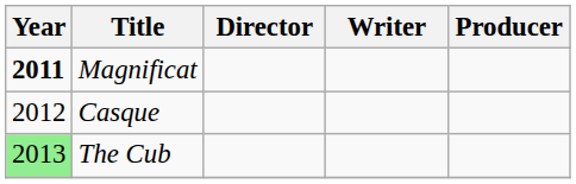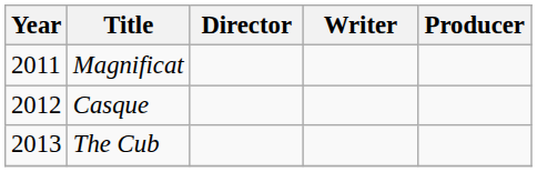 <table class="wikitable">
 <tr>
 <th>Year</th>
 <th>Title</th>
 <th width=65>Director</th>
 <th width=65>Writer</th>
 <th width=65>Producer</th>
 </tr>
 <tr>
-<td><strong>2011</strong></td>
+<td>2011</td>
 <td><em>Magnificat</em></td>
 <td></td>
 <td></td>
 <td></td>
 </tr>
 <tr>
 <td>2012</td>
 <td><em>Casque</em></td>
 <td></td>
 <td></td>
 <td></td>
 </tr>
 <tr>
-<td style="background: lightgreen;">2013</td>
+<td>2013</td>
 <td><em>The Cub</em></td>
 <td></td>
 <td></td>
 <td></td>
 </tr>
 <tr>
 </tr>
 </table>
